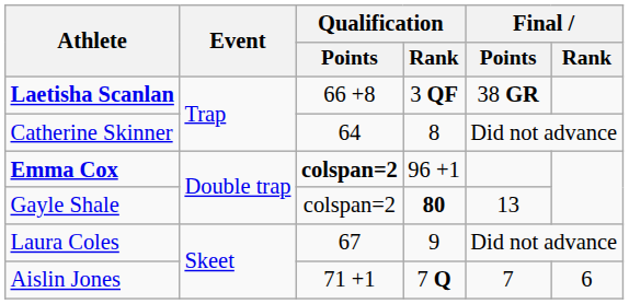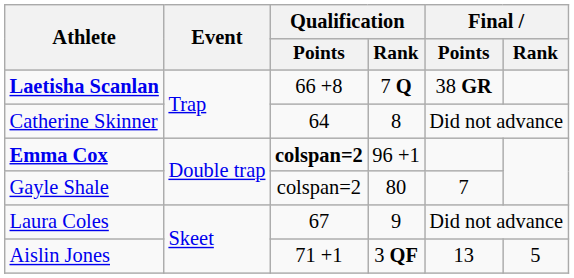 <table class=wikitable style=font-size:90%;text-align:center>
 <tr>
 <th rowspan=2>Athlete</th>
 <th rowspan=2>Event</th>
 <th colspan=2>Qualification</th>
 <th colspan=2>Final / </th>
 </tr>
 <tr style=font-size:95%>
 <th>Points</th>
 <th>Rank</th>
 <th>Points</th>
 <th>Rank</th>
 </tr>
 <tr>
 <td align=left><strong><a href='#'>Laetisha Scanlan</a></strong></td>
 <td align=left rowspan=2><a href='#'>Trap</a></td>
 <td>66 +8</td>
-<td>3 <strong>QF</strong></td>
+<td>7 <strong>Q</strong></td>
 <td>38 <strong>GR</strong></td>
 <td></td>
 </tr>
 <tr>
 <td align=left><a href='#'>Catherine Skinner</a></td>
 <td>64</td>
 <td>8</td>
 <td colspan=2>Did not advance</td>
 </tr>
 <tr>
 <td align=left><strong><a href='#'>Emma Cox</a></strong></td>
 <td align=left rowspan=2><a href='#'>Double trap</a></td>
 <td><strong>colspan=2 </strong></td>
 <td>96 +1</td>
 <td></td>
 </tr>
 <tr>
 <td align=left><a href='#'>Gayle Shale</a></td>
 <td>colspan=2 </td>
-<td><strong>80</strong></td>
-<td>13</td>
+<td>80</td>
+<td>7</td>
 </tr>
 <tr>
 <td align=left><a href='#'>Laura Coles</a></td>
 <td align=left  rowspan=2><a href='#'>Skeet</a></td>
 <td>67</td>
 <td>9</td>
 <td colspan=2>Did not advance</td>
 </tr>
 <tr>
 <td align=left><a href='#'>Aislin Jones</a></td>
 <td>71 +1</td>
-<td>7 <strong>Q</strong></td>
-<td>7</td>
-<td>6</td>
+<td>3 <strong>QF</strong></td>
+<td>13</td>
+<td>5</td>
 </tr>
 </table>
